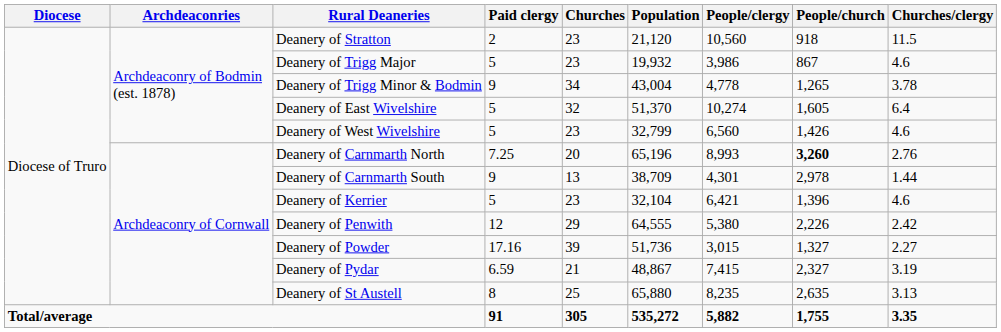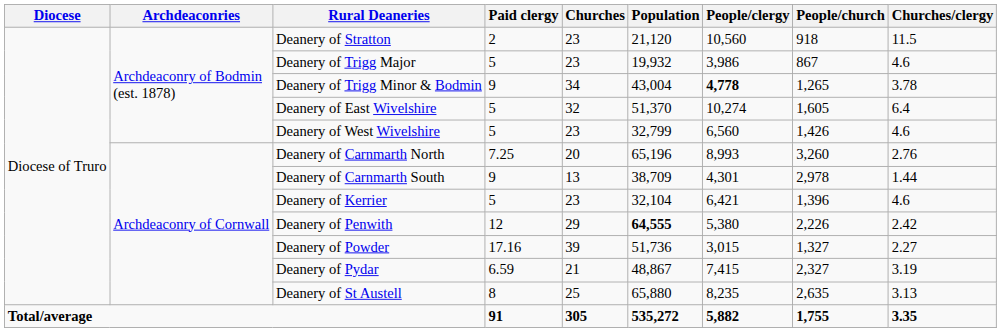 <table class="wikitable sortable">
 <tr>
 <th><a href='#'>Diocese</a></th>
 <th><a href='#'>Archdeaconries</a></th>
 <th><a href='#'>Rural Deaneries</a></th>
 <th>Paid clergy</th>
 <th>Churches</th>
 <th>Population</th>
 <th>People/clergy</th>
 <th>People/church</th>
 <th>Churches/clergy</th>
 </tr>
 <tr>
 <td rowspan="12">Diocese of Truro</td>
 <td rowspan="5"><a href='#'>Archdeaconry of Bodmin</a><br>(est. 1878)</td>
 <td>Deanery of <a href='#'>Stratton</a></td>
 <td>2</td>
 <td>23</td>
 <td>21,120</td>
 <td>10,560</td>
 <td>918</td>
 <td>11.5</td>
 </tr>
 <tr>
 <td>Deanery of <a href='#'>Trigg</a> Major</td>
 <td>5</td>
 <td>23</td>
 <td>19,932</td>
 <td>3,986</td>
 <td>867</td>
 <td>4.6</td>
 </tr>
 <tr>
 <td>Deanery of <a href='#'>Trigg</a> Minor & <a href='#'>Bodmin</a></td>
 <td>9</td>
 <td>34</td>
 <td>43,004</td>
-<td>4,778</td>
+<td><strong>4,778</strong></td>
 <td>1,265</td>
 <td>3.78</td>
 </tr>
 <tr>
 <td>Deanery of East <a href='#'>Wivelshire</a></td>
 <td>5</td>
 <td>32</td>
 <td>51,370</td>
 <td>10,274</td>
 <td>1,605</td>
 <td>6.4</td>
 </tr>
 <tr>
 <td>Deanery of West <a href='#'>Wivelshire</a></td>
 <td>5</td>
 <td>23</td>
 <td>32,799</td>
 <td>6,560</td>
 <td>1,426</td>
 <td>4.6</td>
 </tr>
 <tr>
 <td rowspan="7"><a href='#'>Archdeaconry of Cornwall</a></td>
 <td>Deanery of <a href='#'>Carnmarth</a> North</td>
 <td>7.25</td>
 <td>20</td>
 <td>65,196</td>
 <td>8,993</td>
-<td><strong>3,260</strong></td>
+<td>3,260</td>
 <td>2.76</td>
 </tr>
 <tr>
 <td>Deanery of <a href='#'>Carnmarth</a> South</td>
 <td>9</td>
 <td>13</td>
 <td>38,709</td>
 <td>4,301</td>
 <td>2,978</td>
 <td>1.44</td>
 </tr>
 <tr>
 <td>Deanery of <a href='#'>Kerrier</a></td>
 <td>5</td>
 <td>23</td>
 <td>32,104</td>
 <td>6,421</td>
 <td>1,396</td>
 <td>4.6</td>
 </tr>
 <tr>
 <td>Deanery of <a href='#'>Penwith</a></td>
 <td>12</td>
 <td>29</td>
-<td>64,555</td>
+<td><strong>64,555</strong></td>
 <td>5,380</td>
 <td>2,226</td>
 <td>2.42</td>
 </tr>
 <tr>
 <td>Deanery of <a href='#'>Powder</a></td>
 <td>17.16</td>
 <td>39</td>
 <td>51,736</td>
 <td>3,015</td>
 <td>1,327</td>
 <td>2.27</td>
 </tr>
 <tr>
 <td>Deanery of <a href='#'>Pydar</a></td>
 <td>6.59</td>
 <td>21</td>
 <td>48,867</td>
 <td>7,415</td>
 <td>2,327</td>
 <td>3.19</td>
 </tr>
 <tr>
 <td>Deanery of <a href='#'>St Austell</a></td>
 <td>8</td>
 <td>25</td>
 <td>65,880</td>
 <td>8,235</td>
 <td>2,635</td>
 <td>3.13</td>
 </tr>
 <tr>
 <td colspan="3"><strong>Total/average</strong></td>
 <td><strong>91</strong></td>
 <td><strong>305</strong></td>
 <td><strong>535,272</strong></td>
 <td><strong>5,882</strong></td>
 <td><strong>1,755</strong></td>
 <td><strong>3.35</strong></td>
 </tr>
 </table>
